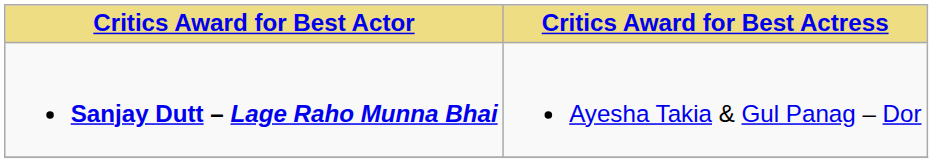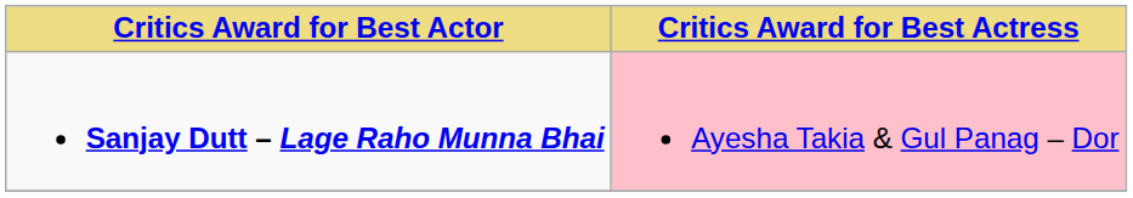 <table class="wikitable">
 <tr>
 <th ! style="background:#eedd82; text-align:center;"><a href='#'>Critics Award for Best Actor</a></th>
 <th ! style="background:#eedd82; text-align:center;"><a href='#'>Critics Award for Best Actress</a></th>
 </tr>
 <tr>
 <td valign="top"><br><ul><li><strong><a href='#'>Sanjay Dutt</a> – <em><a href='#'>Lage Raho Munna Bhai</a><strong><em></li></ul></td>
-<td valign="top"><br><ul><li></strong><a href='#'>Ayesha Takia</a> & <a href='#'>Gul Panag</a> – </em><a href='#'>Dor</a></em></strong></li></ul></td>
+<td valign="top" style="background: pink;"><br><ul><li></strong><a href='#'>Ayesha Takia</a> & <a href='#'>Gul Panag</a> – </em><a href='#'>Dor</a></em></strong></li></ul></td>
 </tr>
 <tr>
 </tr>
 </table>
